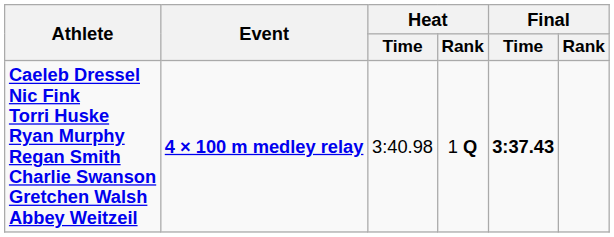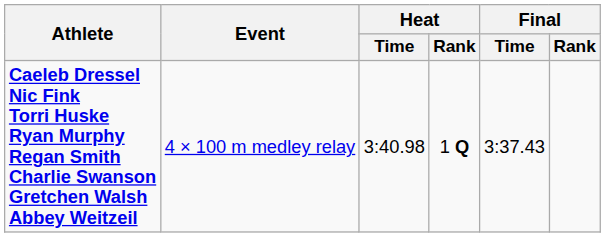 <table class=wikitable style=font-size:90%>
 <tr>
 <th rowspan=2>Athlete</th>
 <th rowspan=2>Event</th>
 <th colspan=2>Heat</th>
 <th colspan=2>Final</th>
 </tr>
 <tr style=font-size:95%>
 <th>Time</th>
 <th>Rank</th>
 <th>Time</th>
 <th>Rank</th>
 </tr>
 <tr align=center>
 <td align=left><strong><a href='#'>Caeleb Dressel</a></strong><br><strong><a href='#'>Nic Fink</a><br><a href='#'>Torri Huske</a><br><a href='#'>Ryan Murphy</a><br><a href='#'>Regan Smith</a></strong><br><strong><a href='#'>Charlie Swanson</a></strong><br><strong><a href='#'>Gretchen Walsh</a><br><a href='#'>Abbey Weitzeil</a></strong></td>
-<td align=left><strong><a href='#'>4 × 100 m medley relay</a></strong></td>
+<td align=left><a href='#'>4 × 100 m medley relay</a></td>
 <td>3:40.98</td>
 <td>1 <strong>Q</strong></td>
-<td><strong>3:37.43 </strong></td>
+<td>3:37.43 </td>
 <td></td>
 </tr>
 </table>
